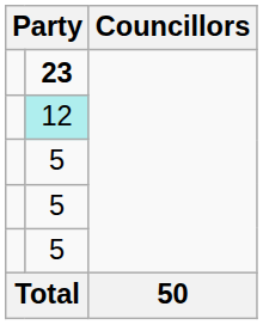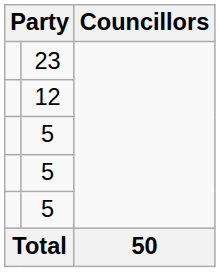 <table class="wikitable">
 <tr>
 <th colspan=2>Party</th>
 <th>Councillors</th>
 </tr>
 <tr>
 <td></td>
-<td align=center><strong>23</strong></td>
+<td align=center>23</td>
 </tr>
 <tr>
 <td></td>
-<td align=center style="background: paleturquoise;">12</td>
+<td align=center>12</td>
 </tr>
 <tr>
 <td></td>
 <td align=center>5</td>
 </tr>
 <tr>
 <td></td>
 <td align=center>5</td>
 </tr>
 <tr>
 <td></td>
 <td align=center>5</td>
 </tr>
 <tr>
 <th colspan=2>Total</th>
 <th align=center>50</th>
 </tr>
 </table>
